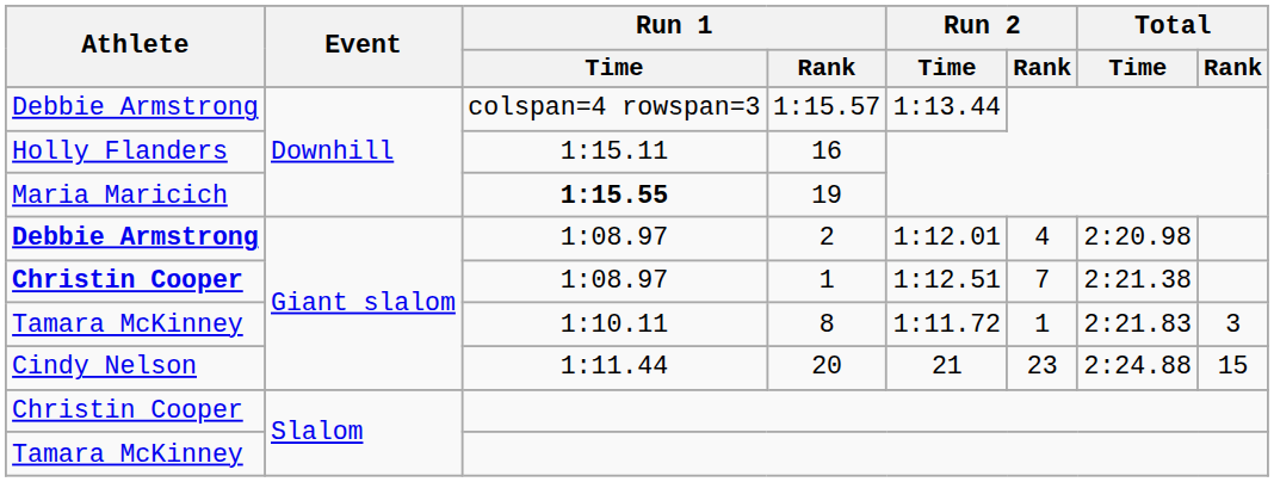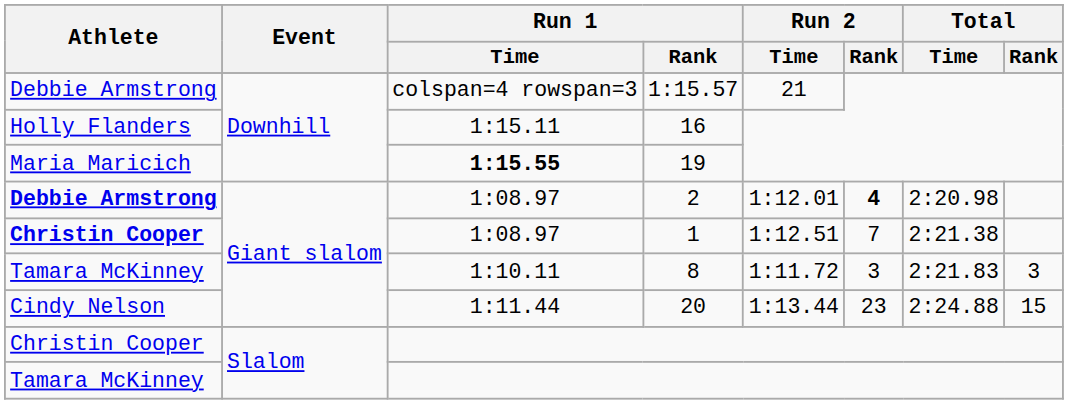 <table class=wikitable style=font-size:90%;text-align:center>
 <tr>
 <th rowspan=2>Athlete</th>
 <th rowspan=2>Event</th>
 <th colspan=2>Run 1</th>
 <th colspan=2>Run 2</th>
 <th colspan=2>Total</th>
 </tr>
 <tr style=font-size:95%>
 <th>Time</th>
 <th>Rank</th>
 <th>Time</th>
 <th>Rank</th>
 <th>Time</th>
 <th>Rank</th>
 </tr>
 <tr>
 <td align=left><a href='#'>Debbie Armstrong</a></td>
 <td align=left rowspan=3><a href='#'>Downhill</a></td>
 <td>colspan=4 rowspan=3 </td>
 <td>1:15.57</td>
-<td>1:13.44</td>
+<td>21</td>
 </tr>
 <tr>
 <td align=left><a href='#'>Holly Flanders</a></td>
 <td>1:15.11</td>
 <td>16</td>
 </tr>
 <tr>
 <td align=left><a href='#'>Maria Maricich</a></td>
 <td><strong>1:15.55</strong></td>
 <td>19</td>
 </tr>
 <tr>
 <td align=left><strong><a href='#'>Debbie Armstrong</a></strong></td>
 <td align=left rowspan=4><a href='#'>Giant slalom</a></td>
 <td>1:08.97</td>
 <td>2</td>
 <td>1:12.01</td>
-<td>4</td>
+<td><strong>4</strong></td>
 <td>2:20.98</td>
 <td></td>
 </tr>
 <tr>
 <td align=left><strong><a href='#'>Christin Cooper</a></strong></td>
 <td>1:08.97</td>
 <td>1</td>
 <td>1:12.51</td>
 <td>7</td>
 <td>2:21.38</td>
 <td></td>
 </tr>
 <tr>
 <td align=left><a href='#'>Tamara McKinney</a></td>
 <td>1:10.11</td>
 <td>8</td>
 <td>1:11.72</td>
-<td>1</td>
+<td>3</td>
 <td>2:21.83</td>
 <td>3</td>
 </tr>
 <tr>
 <td align=left><a href='#'>Cindy Nelson</a></td>
 <td>1:11.44</td>
 <td>20</td>
-<td>21</td>
+<td>1:13.44</td>
 <td>23</td>
 <td>2:24.88</td>
 <td>15</td>
 </tr>
 <tr>
 <td align=left><a href='#'>Christin Cooper</a></td>
 <td align=left rowspan=2><a href='#'>Slalom</a></td>
 <td colspan=6></td>
 </tr>
 <tr>
 <td align=left><a href='#'>Tamara McKinney</a></td>
 <td colspan=6></td>
 </tr>
 </table>
